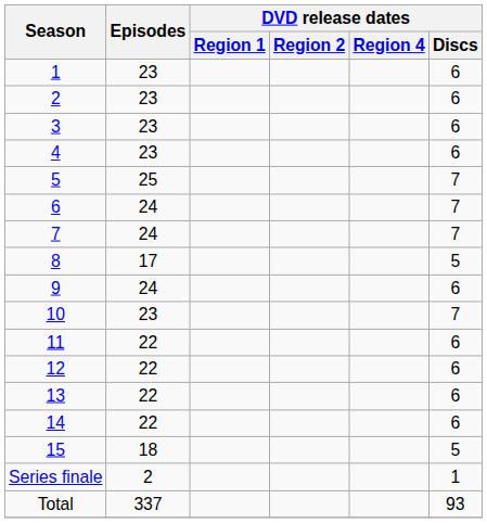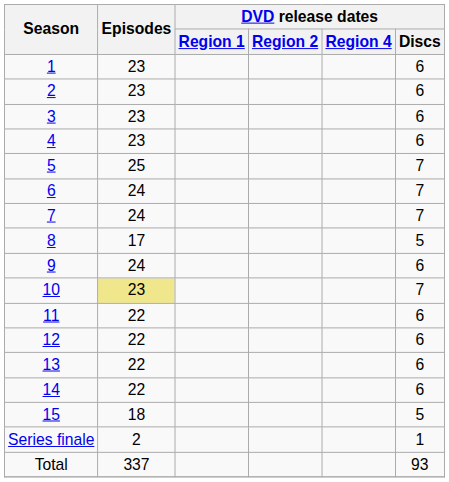 <table class="wikitable plainrowheaders" style="text-align: center;">
 <tr>
 <th scope="col" rowspan="2">Season</th>
 <th scope="col" rowspan="2">Episodes</th>
 <th scope="col" colspan="4"><a href='#'>DVD</a> release dates</th>
 </tr>
 <tr>
 <th scope="col"><a href='#'>Region 1</a></th>
 <th scope="col"><a href='#'>Region 2</a></th>
 <th scope="col"><a href='#'>Region 4</a></th>
 <th scope="col">Discs</th>
 </tr>
 <tr>
 <td scope="row"><a href='#'>1</a></td>
 <td>23</td>
 <td></td>
 <td></td>
 <td></td>
 <td>6</td>
 </tr>
 <tr>
 <td scope="row"><a href='#'>2</a></td>
 <td>23</td>
 <td></td>
 <td></td>
 <td></td>
 <td>6</td>
 </tr>
 <tr>
 <td scope="row"><a href='#'>3</a></td>
 <td>23</td>
 <td></td>
 <td></td>
 <td></td>
 <td>6</td>
 </tr>
 <tr>
 <td scope="row"><a href='#'>4</a></td>
 <td>23</td>
 <td></td>
 <td></td>
 <td></td>
 <td>6</td>
 </tr>
 <tr>
 <td scope="row"><a href='#'>5</a></td>
 <td>25</td>
 <td></td>
 <td></td>
 <td></td>
 <td>7</td>
 </tr>
 <tr>
 <td scope="row"><a href='#'>6</a></td>
 <td>24</td>
 <td></td>
 <td></td>
 <td></td>
 <td>7</td>
 </tr>
 <tr>
 <td scope="row"><a href='#'>7</a></td>
 <td>24</td>
 <td></td>
 <td></td>
 <td></td>
 <td>7</td>
 </tr>
 <tr>
 <td scope="row"><a href='#'>8</a></td>
 <td>17</td>
 <td></td>
 <td></td>
 <td></td>
 <td>5</td>
 </tr>
 <tr>
 <td scope="row"><a href='#'>9</a></td>
 <td>24</td>
 <td></td>
 <td></td>
 <td></td>
 <td>6</td>
 </tr>
 <tr>
 <td scope="row"><a href='#'>10</a></td>
-<td>23</td>
+<td style="background: khaki;">23</td>
 <td></td>
 <td></td>
 <td></td>
 <td>7</td>
 </tr>
 <tr>
 <td scope="row"><a href='#'>11</a></td>
 <td>22</td>
 <td></td>
 <td></td>
 <td></td>
 <td>6</td>
 </tr>
 <tr>
 <td scope="row"><a href='#'>12</a></td>
 <td>22</td>
 <td></td>
 <td></td>
 <td></td>
 <td>6</td>
 </tr>
 <tr>
 <td scope="row"><a href='#'>13</a></td>
 <td>22</td>
 <td></td>
 <td></td>
 <td></td>
 <td>6</td>
 </tr>
 <tr>
 <td scope="row"><a href='#'>14</a></td>
 <td>22</td>
 <td></td>
 <td></td>
 <td></td>
 <td>6</td>
 </tr>
 <tr>
 <td scope="row"><a href='#'>15</a></td>
 <td>18</td>
 <td></td>
 <td></td>
 <td></td>
 <td>5</td>
 </tr>
 <tr>
 <td scope="row"><a href='#'>Series finale</a></td>
 <td>2</td>
 <td></td>
 <td></td>
 <td></td>
 <td>1</td>
 </tr>
 <tr>
 <td scope="row">Total</td>
 <td>337</td>
 <td></td>
 <td></td>
 <td></td>
 <td>93</td>
 </tr>
 <tr>
 </tr>
 </table>
